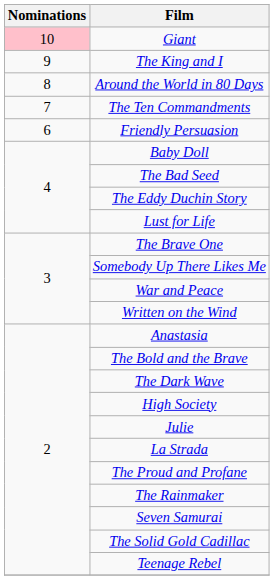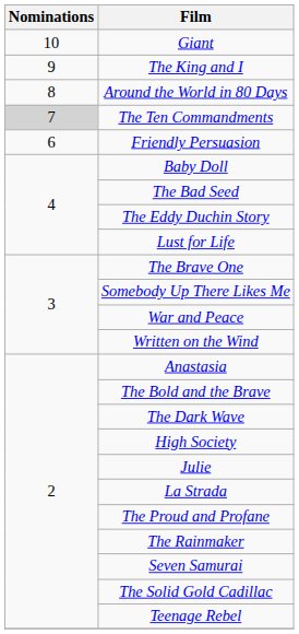 <table class="wikitable" rowspan="2" style="text-align:center;">
 <tr>
 <th scope="col" style="width:55px;">Nominations</th>
 <th scope="col" style="text-align:center;">Film</th>
 </tr>
 <tr>
-<td rowspan="1" style="background: pink; text-align:center">10</td>
+<td rowspan="1" style="text-align:center">10</td>
 <td><em><a href='#'>Giant</a></em></td>
 </tr>
 <tr>
 <td rowspan="1" style="text-align:center">9</td>
 <td><em><a href='#'>The King and I</a></em></td>
 </tr>
 <tr>
 <td rowspan="1" style="text-align:center">8</td>
 <td><em><a href='#'>Around the World in 80 Days</a></em></td>
 </tr>
 <tr>
-<td rowspan="1" style="text-align:center">7</td>
+<td rowspan="1" style="background: lightgrey; text-align:center">7</td>
 <td><em><a href='#'>The Ten Commandments</a></em></td>
 </tr>
 <tr>
 <td rowspan="1" style="text-align:center">6</td>
 <td><em><a href='#'>Friendly Persuasion</a></em></td>
 </tr>
 <tr>
 <td rowspan="4" style="text-align:center">4</td>
 <td><em><a href='#'>Baby Doll</a></em></td>
 </tr>
 <tr>
 <td><em><a href='#'>The Bad Seed</a></em></td>
 </tr>
 <tr>
 <td><em><a href='#'>The Eddy Duchin Story</a></em></td>
 </tr>
 <tr>
 <td><em><a href='#'>Lust for Life</a></em></td>
 </tr>
 <tr>
 <td rowspan="4" style="text-align:center">3</td>
 <td><em><a href='#'>The Brave One</a></em></td>
 </tr>
 <tr>
 <td><em><a href='#'>Somebody Up There Likes Me</a></em></td>
 </tr>
 <tr>
 <td><em><a href='#'>War and Peace</a></em></td>
 </tr>
 <tr>
 <td><em><a href='#'>Written on the Wind</a></em></td>
 </tr>
 <tr>
 <td rowspan="11" style="text-align:center">2</td>
 <td><em><a href='#'>Anastasia</a></em></td>
 </tr>
 <tr>
 <td><em><a href='#'>The Bold and the Brave</a></em></td>
 </tr>
 <tr>
 <td><em><a href='#'>The Dark Wave</a></em></td>
 </tr>
 <tr>
 <td><em><a href='#'>High Society</a></em></td>
 </tr>
 <tr>
 <td><em><a href='#'>Julie</a></em></td>
 </tr>
 <tr>
 <td><em><a href='#'>La Strada</a></em></td>
 </tr>
 <tr>
 <td><em><a href='#'>The Proud and Profane</a></em></td>
 </tr>
 <tr>
 <td><em><a href='#'>The Rainmaker</a></em></td>
 </tr>
 <tr>
 <td><em><a href='#'>Seven Samurai</a></em></td>
 </tr>
 <tr>
 <td><em><a href='#'>The Solid Gold Cadillac</a></em></td>
 </tr>
 <tr>
 <td><em><a href='#'>Teenage Rebel</a></em></td>
 </tr>
 <tr>
 </tr>
 </table>
